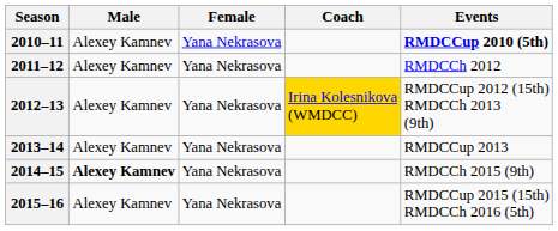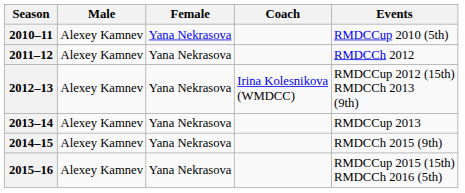 <table class="wikitable">
 <tr>
 <th scope="col" width=60>Season</th>
 <th scope="col">Male</th>
 <th scope="col">Female</th>
 <th scope="col">Coach</th>
 <th scope="col">Events</th>
 </tr>
 <tr>
 <th scope="row">2010–11</th>
 <td>Alexey Kamnev</td>
 <td><a href='#'>Yana Nekrasova</a></td>
 <td></td>
-<td><strong><a href='#'>RMDCCup</a> 2010 (5th)</strong></td>
+<td><a href='#'>RMDCCup</a> 2010 (5th)</td>
 </tr>
 <tr>
 <th scope="row">2011–12</th>
 <td>Alexey Kamnev</td>
 <td>Yana Nekrasova</td>
 <td></td>
 <td><a href='#'>RMDCCh</a> 2012 </td>
 </tr>
 <tr>
 <th scope="row">2012–13</th>
 <td>Alexey Kamnev</td>
 <td>Yana Nekrasova</td>
-<td style="background: gold;"><a href='#'>Irina Kolesnikova</a><br>(WMDCC)</td>
+<td><a href='#'>Irina Kolesnikova</a><br>(WMDCC)</td>
 <td>RMDCCup 2012 (15th)<br>RMDCCh 2013 <br> (9th)</td>
 </tr>
 <tr>
 <th scope="row">2013–14</th>
 <td>Alexey Kamnev</td>
 <td>Yana Nekrasova</td>
 <td></td>
 <td>RMDCCup 2013 </td>
 </tr>
 <tr>
 <th scope="row">2014–15</th>
-<td><strong>Alexey Kamnev</strong></td>
+<td>Alexey Kamnev</td>
 <td>Yana Nekrasova</td>
 <td></td>
 <td>RMDCCh 2015 (9th)</td>
 </tr>
 <tr>
 <th scope="row" rowspan=2>2015–16</th>
 <td>Alexey Kamnev</td>
 <td>Yana Nekrasova</td>
 <td></td>
 <td>RMDCCup 2015 (15th)<br>RMDCCh 2016 (5th)</td>
 </tr>
 </table>
